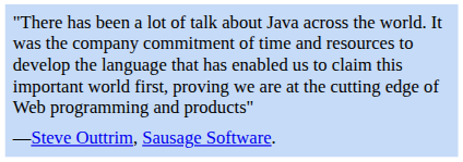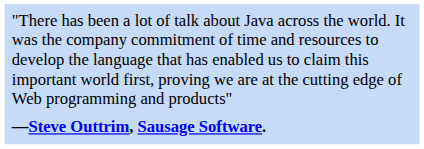 <table class="toccolours" style="float: right; margin-left: 1em; margin-right: 2em; font-size: 85%; background:#c6dbf7; color:black; width:25em; max-width: 25%;" cellspacing="5">
 <tr>
 <td style="text-align: left;">"There has been a lot of talk about Java across the world. It was the company commitment of time and resources to develop the language that has enabled us to claim this important world first, proving we are at the cutting edge of Web programming and products"</td>
 </tr>
 <tr>
-<td style="text-align: left;">—<a href='#'>Steve Outtrim</a>, <a href='#'>Sausage Software</a>.</td>
+<td style="text-align: left;"><strong>—<a href='#'>Steve Outtrim</a>, <a href='#'>Sausage Software</a>.</strong></td>
 </tr>
 </table>
